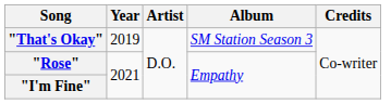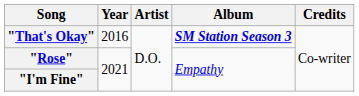 <table class="wikitable plainrowheaders">
 <tr>
 <th scope="col">Song</th>
 <th scope="col">Year</th>
 <th scope="col">Artist</th>
 <th scope="col">Album</th>
 <th scope="col">Credits</th>
 </tr>
 <tr>
 <th scope="row">"<a href='#'>That's Okay</a>"</th>
-<td>2019</td>
+<td>2016</td>
 <td rowspan="3">D.O.</td>
-<td><a href='#'><em>SM Station Season 3</em></a></td>
+<td><strong><a href='#'><em>SM Station Season 3</em></a></strong></td>
 <td rowspan="3">Co-writer</td>
 </tr>
 <tr>
 <th scope="row">"<a href='#'>Rose</a>"</th>
 <td rowspan="2">2021</td>
 <td rowspan="2"><em><a href='#'>Empathy</a></em></td>
 </tr>
 <tr>
 <th scope="row">"I'm Fine"</th>
 </tr>
 </table>
